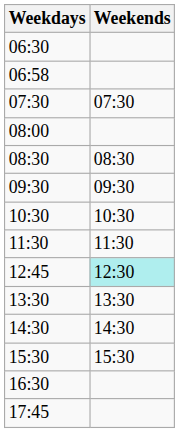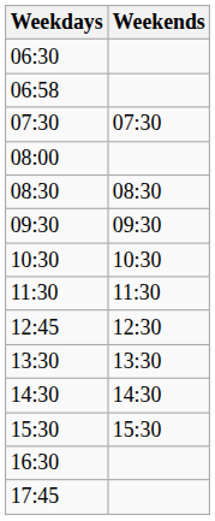 <table class="wikitable">
 <tr>
 <th>Weekdays</th>
 <th>Weekends</th>
 </tr>
 <tr>
 <td>06:30</td>
 <td></td>
 </tr>
 <tr>
 <td>06:58</td>
 <td></td>
 </tr>
 <tr>
 <td>07:30</td>
 <td>07:30</td>
 </tr>
 <tr>
 <td>08:00</td>
 <td></td>
 </tr>
 <tr>
 <td>08:30</td>
 <td>08:30</td>
 </tr>
 <tr>
 <td>09:30</td>
 <td>09:30</td>
 </tr>
 <tr>
 <td>10:30</td>
 <td>10:30</td>
 </tr>
 <tr>
 <td>11:30</td>
 <td>11:30</td>
 </tr>
 <tr>
 <td>12:45</td>
-<td style="background: paleturquoise;">12:30</td>
+<td>12:30</td>
 </tr>
 <tr>
 <td>13:30</td>
 <td>13:30</td>
 </tr>
 <tr>
 <td>14:30</td>
 <td>14:30</td>
 </tr>
 <tr>
 <td>15:30</td>
 <td>15:30</td>
 </tr>
 <tr>
 <td>16:30</td>
 <td></td>
 </tr>
 <tr>
 <td>17:45</td>
 <td></td>
 </tr>
 </table>
